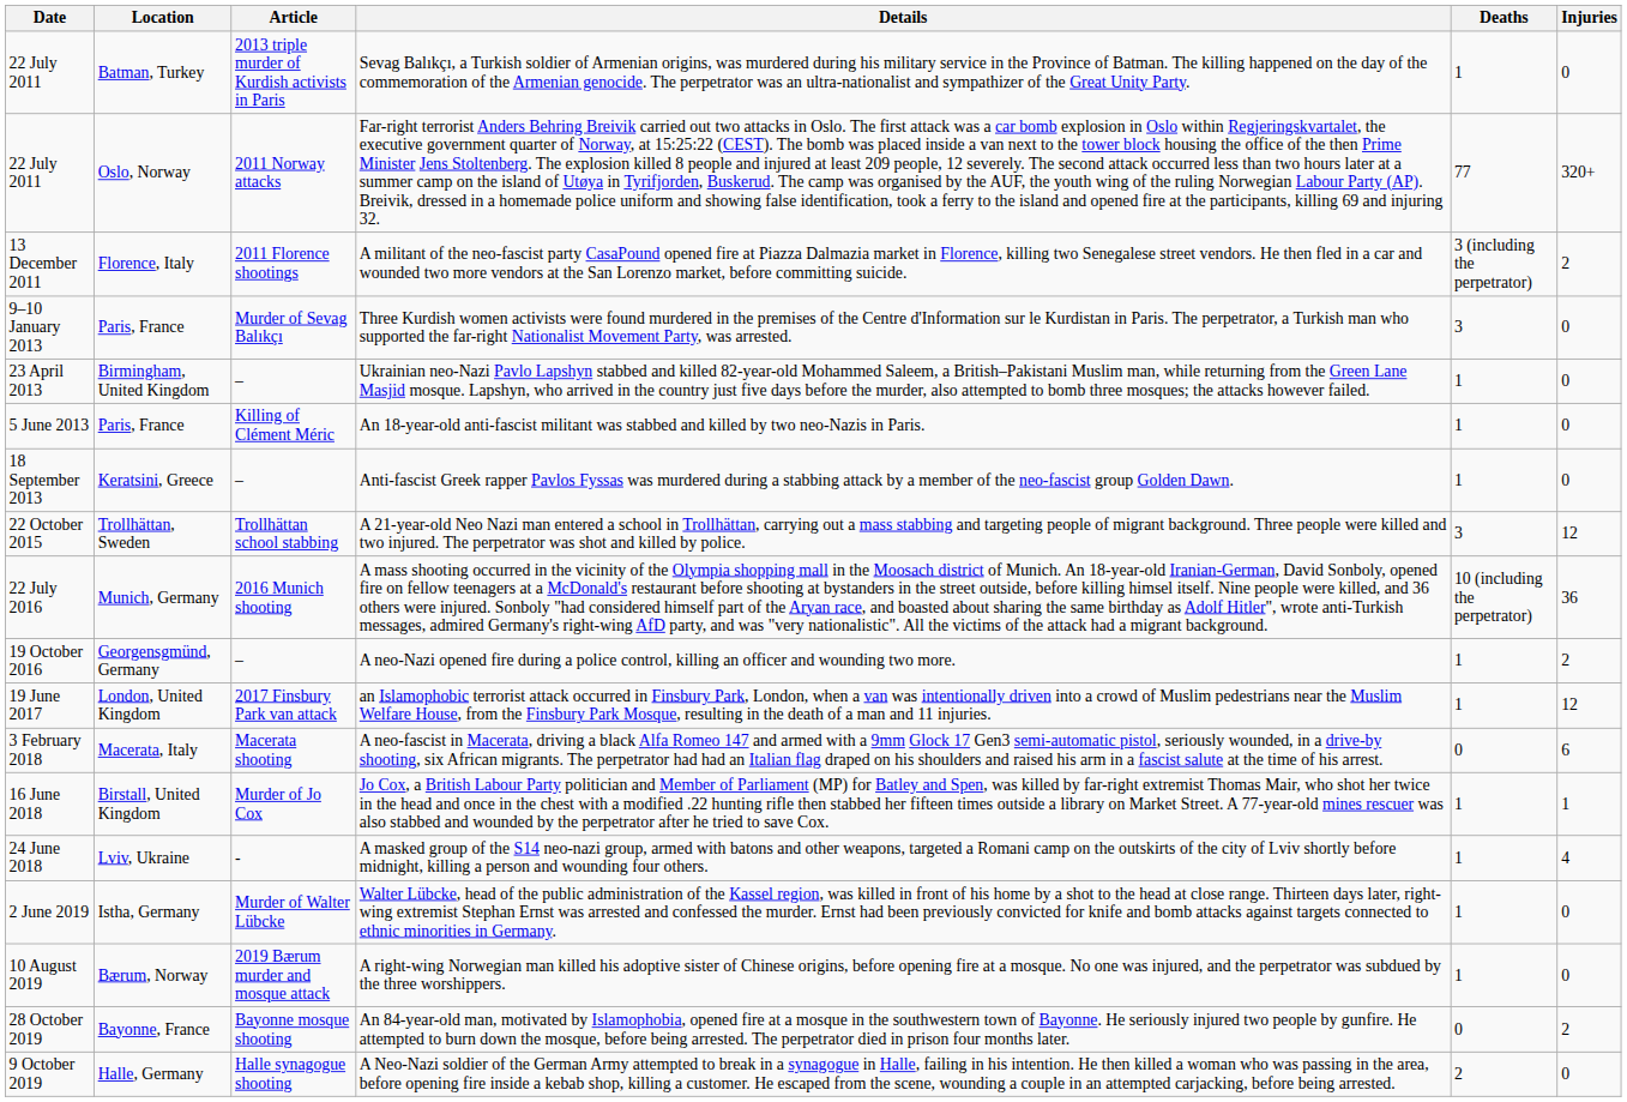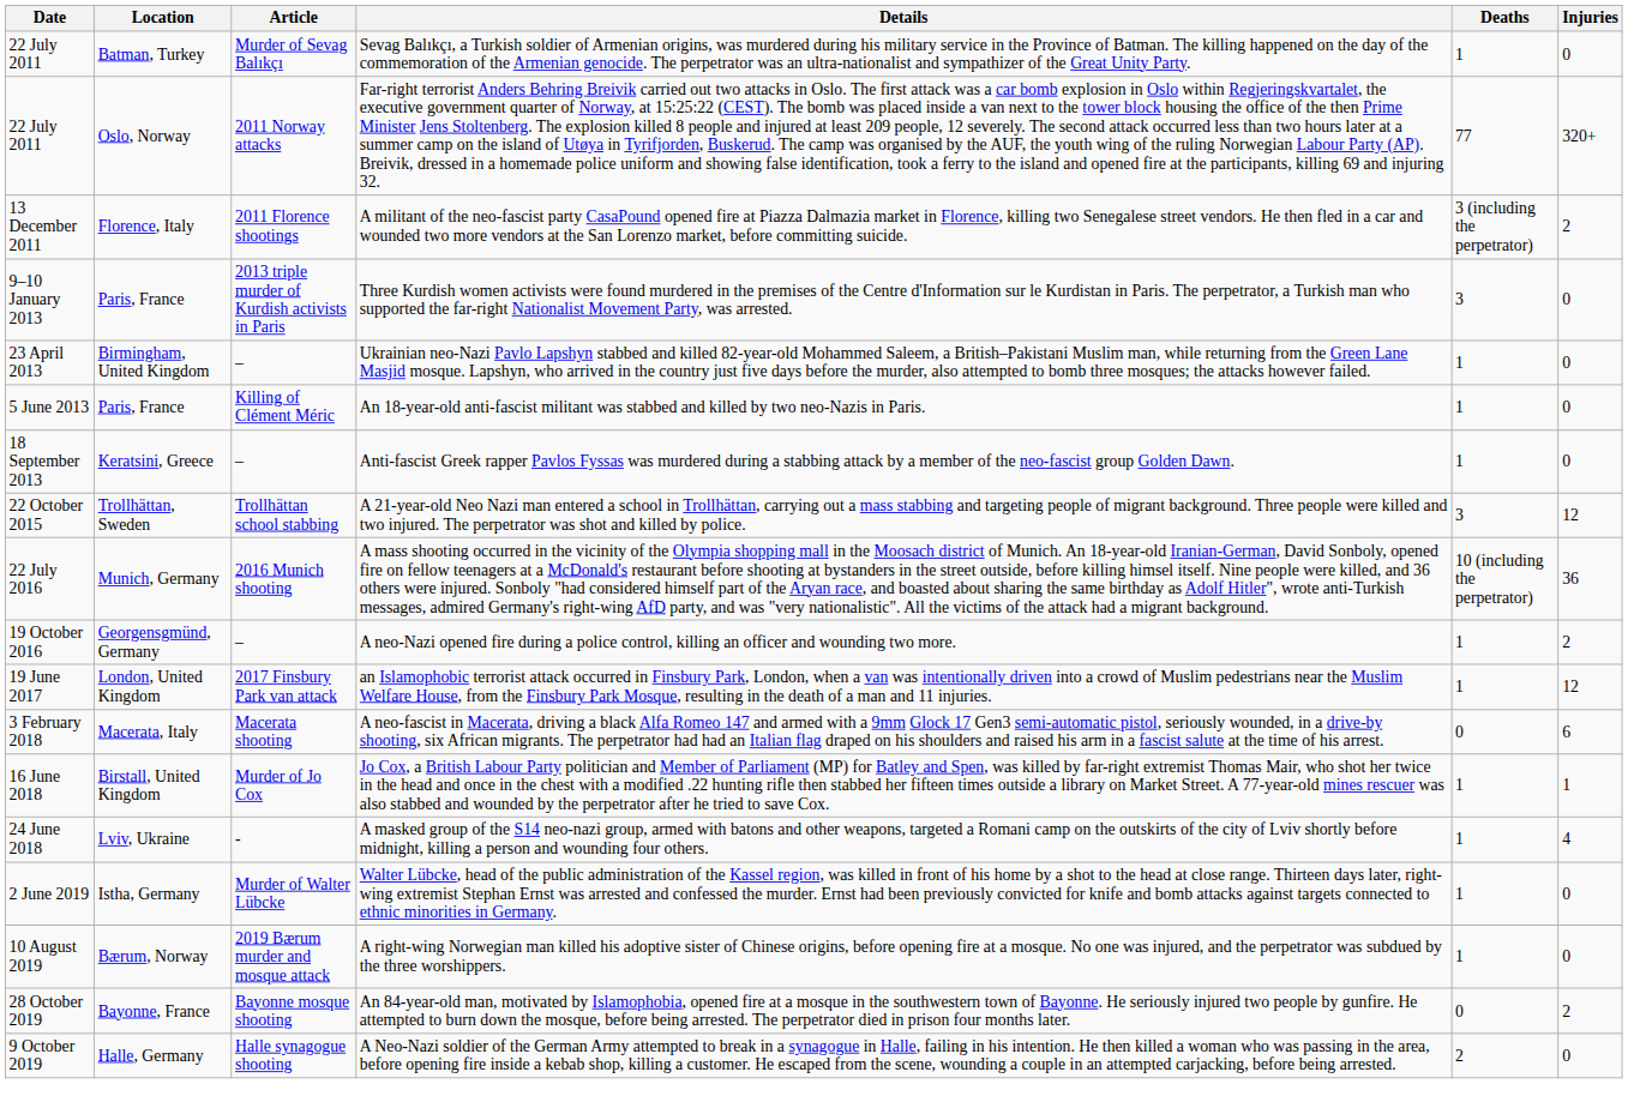 <table class="wikitable ">
 <tr>
 <th>Date</th>
 <th>Location</th>
 <th>Article</th>
 <th>Details</th>
 <th>Deaths</th>
 <th>Injuries</th>
 </tr>
 <tr>
 <td>22 July 2011</td>
 <td> <a href='#'>Batman</a>, Turkey</td>
-<td><a href='#'>2013 triple murder of Kurdish activists in Paris</a></td>
+<td><a href='#'>Murder of Sevag Balıkçı</a></td>
 <td>Sevag Balıkçı, a Turkish soldier of Armenian origins, was murdered during his military service in the Province of Batman. The killing happened on the day of the commemoration of the <a href='#'>Armenian genocide</a>. The perpetrator was an ultra-nationalist and sympathizer of the <a href='#'>Great Unity Party</a>.</td>
 <td>1</td>
 <td>0</td>
 </tr>
 <tr>
 <td>22 July 2011</td>
 <td> <a href='#'>Oslo</a>, Norway</td>
 <td><a href='#'>2011 Norway attacks</a></td>
 <td>Far-right terrorist <a href='#'>Anders Behring Breivik</a> carried out two attacks in Oslo. The first attack was a <a href='#'>car bomb</a> explosion in <a href='#'>Oslo</a> within <a href='#'>Regjeringskvartalet</a>, the executive government quarter of <a href='#'>Norway</a>, at 15:25:22 (<a href='#'>CEST</a>). The bomb was placed inside a van next to the <a href='#'>tower block</a> housing the office of the then <a href='#'>Prime Minister</a> <a href='#'>Jens Stoltenberg</a>. The explosion killed 8 people and injured at least 209 people, 12 severely. The second attack occurred less than two hours later at a summer camp on the island of <a href='#'>Utøya</a> in <a href='#'>Tyrifjorden</a>, <a href='#'>Buskerud</a>. The camp was organised by the AUF, the youth wing of the ruling Norwegian <a href='#'>Labour Party (AP)</a>. Breivik, dressed in a homemade police uniform and showing false identification, took a ferry to the island and opened fire at the participants, killing 69 and injuring 32.</td>
 <td>77</td>
 <td>320+</td>
 </tr>
 <tr>
 <td>13 December 2011</td>
 <td> <a href='#'>Florence</a>, Italy</td>
 <td><a href='#'>2011 Florence shootings</a></td>
 <td>A militant of the neo-fascist party <a href='#'>CasaPound</a> opened fire at Piazza Dalmazia market in <a href='#'>Florence</a>, killing two Senegalese street vendors. He then fled in a car and wounded two more vendors at the San Lorenzo market, before committing suicide.</td>
 <td>3 (including the perpetrator)</td>
 <td>2</td>
 </tr>
 <tr>
 <td>9–10 January 2013</td>
 <td> <a href='#'>Paris</a>, France</td>
-<td><a href='#'>Murder of Sevag Balıkçı</a></td>
+<td><a href='#'>2013 triple murder of Kurdish activists in Paris</a></td>
 <td>Three Kurdish women activists were found murdered in the premises of the Centre d'Information sur le Kurdistan in Paris. The perpetrator, a Turkish man who supported the far-right <a href='#'>Nationalist Movement Party</a>, was arrested.</td>
 <td>3</td>
 <td>0</td>
 </tr>
 <tr>
 <td>23 April 2013</td>
 <td> <a href='#'>Birmingham</a>, United Kingdom</td>
 <td>–</td>
 <td>Ukrainian neo-Nazi <a href='#'>Pavlo Lapshyn</a> stabbed and killed 82-year-old Mohammed Saleem, a British–Pakistani Muslim man, while returning from the <a href='#'>Green Lane Masjid</a> mosque. Lapshyn, who arrived in the country just five days before the murder, also attempted to bomb three mosques; the attacks however failed.</td>
 <td>1</td>
 <td>0</td>
 </tr>
 <tr>
 <td>5 June 2013</td>
 <td> <a href='#'>Paris</a>, France</td>
 <td><a href='#'>Killing of Clément Méric</a></td>
 <td>An 18-year-old anti-fascist militant was stabbed and killed by two neo-Nazis in Paris.</td>
 <td>1</td>
 <td>0</td>
 </tr>
 <tr>
 <td>18 September 2013</td>
 <td> <a href='#'>Keratsini</a>, Greece</td>
 <td>–</td>
 <td>Anti-fascist Greek rapper <a href='#'>Pavlos Fyssas</a> was murdered during a stabbing attack by a member of the <a href='#'>neo-fascist</a> group <a href='#'>Golden Dawn</a>.</td>
 <td>1</td>
 <td>0</td>
 </tr>
 <tr>
 <td>22 October 2015</td>
 <td> <a href='#'>Trollhättan</a>, Sweden</td>
 <td><a href='#'>Trollhättan school stabbing</a></td>
 <td>A 21-year-old Neo Nazi man entered a school in <a href='#'>Trollhättan</a>, carrying out a <a href='#'>mass stabbing</a> and targeting people of migrant background. Three people were killed and two injured. The perpetrator was shot and killed by police.</td>
 <td>3</td>
 <td>12</td>
 </tr>
 <tr>
 <td>22 July 2016</td>
 <td> <a href='#'>Munich</a>, Germany</td>
 <td><a href='#'>2016 Munich shooting</a></td>
 <td>A mass shooting occurred in the vicinity of the <a href='#'>Olympia shopping mall</a> in the <a href='#'>Moosach district</a> of Munich. An 18-year-old <a href='#'>Iranian-German</a>, David Sonboly, opened fire on fellow teenagers at a <a href='#'>McDonald's</a> restaurant before shooting at bystanders in the street outside, before killing himsel itself. Nine people were killed, and 36 others were injured. Sonboly "had considered himself part of the <a href='#'>Aryan race</a>, and boasted about sharing the same birthday as <a href='#'>Adolf Hitler</a>", wrote anti-Turkish messages, admired Germany's right-wing <a href='#'>AfD</a> party, and was "very nationalistic". All the victims of the attack had a migrant background.</td>
 <td>10 (including the perpetrator)</td>
 <td>36</td>
 </tr>
 <tr>
 <td>19 October 2016</td>
 <td> <a href='#'>Georgensgmünd</a>, Germany</td>
 <td>–</td>
 <td>A neo-Nazi opened fire during a police control, killing an officer and wounding two more.</td>
 <td>1</td>
 <td>2</td>
 </tr>
 <tr>
 <td>19 June 2017</td>
 <td> <a href='#'>London</a>, United Kingdom</td>
 <td><a href='#'>2017 Finsbury Park van attack</a></td>
 <td>an <a href='#'>Islamophobic</a> terrorist attack occurred in <a href='#'>Finsbury Park</a>, London, when a <a href='#'>van</a> was <a href='#'>intentionally driven</a> into a crowd of Muslim pedestrians near the <a href='#'>Muslim Welfare House</a>,  from the <a href='#'>Finsbury Park Mosque</a>, resulting in the death of a man and 11 injuries.</td>
 <td>1</td>
 <td>12</td>
 </tr>
 <tr>
 <td>3 February 2018</td>
 <td> <a href='#'>Macerata</a>, Italy</td>
 <td><a href='#'>Macerata shooting</a></td>
 <td>A neo-fascist in <a href='#'>Macerata</a>, driving a black <a href='#'>Alfa Romeo 147</a> and armed with a <a href='#'>9mm</a> <a href='#'>Glock 17</a> Gen3 <a href='#'>semi-automatic pistol</a>, seriously wounded, in a <a href='#'>drive-by shooting</a>, six African migrants. The perpetrator had had an <a href='#'>Italian flag</a> draped on his shoulders and raised his arm in a <a href='#'>fascist salute</a> at the time of his arrest.</td>
 <td>0</td>
 <td>6</td>
 </tr>
 <tr>
 <td>16 June 2018</td>
 <td> <a href='#'>Birstall</a>, United Kingdom</td>
 <td><a href='#'>Murder of Jo Cox</a></td>
 <td><a href='#'>Jo Cox</a>, a <a href='#'>British Labour Party</a> politician and <a href='#'>Member of Parliament</a> (MP) for <a href='#'>Batley and Spen</a>, was killed by far-right extremist Thomas Mair, who shot her twice in the head and once in the chest with a modified .22 hunting rifle then stabbed her fifteen times outside a library on Market Street. A 77-year-old <a href='#'>mines rescuer</a> was also stabbed and wounded by the perpetrator after he tried to save Cox.</td>
 <td>1</td>
 <td>1</td>
 </tr>
 <tr>
 <td>24 June 2018</td>
 <td> <a href='#'>Lviv</a>, Ukraine</td>
 <td>-</td>
 <td>A masked group of the <a href='#'>S14</a> neo-nazi group, armed with batons and other weapons, targeted a Romani camp on the outskirts of the city of Lviv shortly before midnight, killing a person and wounding four others.</td>
 <td>1</td>
 <td>4</td>
 </tr>
 <tr>
 <td>2 June 2019</td>
 <td> Istha, Germany</td>
 <td><a href='#'>Murder of Walter Lübcke</a></td>
 <td><a href='#'>Walter Lübcke</a>, head of the public administration of the <a href='#'>Kassel region</a>, was killed in front of his home by a shot to the head at close range. Thirteen days later, right-wing extremist Stephan Ernst was arrested and confessed the murder. Ernst had been previously convicted for knife and bomb attacks against targets connected to <a href='#'>ethnic minorities in Germany</a>.</td>
 <td>1</td>
 <td>0</td>
 </tr>
 <tr>
 <td>10 August 2019</td>
 <td> <a href='#'>Bærum</a>, Norway</td>
 <td><a href='#'>2019 Bærum murder and mosque attack</a></td>
 <td>A right-wing Norwegian man killed his adoptive sister of Chinese origins, before opening fire at a mosque. No one was injured, and the perpetrator was subdued by the three worshippers.</td>
 <td>1</td>
 <td>0</td>
 </tr>
 <tr>
 <td>28 October 2019</td>
 <td> <a href='#'>Bayonne</a>, France</td>
 <td><a href='#'>Bayonne mosque shooting</a></td>
 <td>An 84-year-old man, motivated by <a href='#'>Islamophobia</a>, opened fire at a mosque in the southwestern town of <a href='#'>Bayonne</a>. He seriously injured two people by gunfire. He attempted to burn down the mosque, before being arrested. The perpetrator died in prison four months later.</td>
 <td>0</td>
 <td>2</td>
 </tr>
 <tr>
 <td>9 October 2019</td>
 <td> <a href='#'>Halle</a>, Germany</td>
 <td><a href='#'>Halle synagogue shooting</a></td>
 <td>A Neo-Nazi soldier of the German Army attempted to break in a <a href='#'>synagogue</a> in <a href='#'>Halle</a>, failing in his intention. He then killed a woman who was passing in the area, before opening fire inside a kebab shop, killing a customer. He escaped from the scene, wounding a couple in an attempted carjacking, before being arrested.</td>
 <td>2</td>
 <td>0</td>
 </tr>
 </table>
